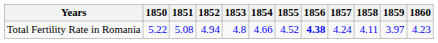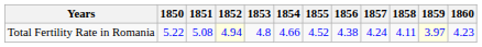 <table class="wikitable " style="text-align:right">
 <tr>
 <th>Years</th>
 <th>1850</th>
 <th>1851</th>
 <th>1852</th>
 <th>1853</th>
 <th>1854</th>
 <th>1855</th>
 <th>1856</th>
 <th>1857</th>
 <th>1858</th>
 <th>1859</th>
 <th>1860</th>
 </tr>
 <tr>
 <td align="left">Total Fertility Rate in Romania</td>
 <td style="text-align:right; color:blue;">5.22</td>
 <td style="text-align:right; color:blue;">5.08</td>
-<td style="text-align:right; color:blue;">4.94</td>
+<td style="background: lightyellow; text-align:right; color:blue;">4.94</td>
 <td style="text-align:right; color:blue;">4.8</td>
 <td style="text-align:right; color:blue;">4.66</td>
 <td style="text-align:right; color:blue;">4.52</td>
-<td style="text-align:right; color:blue;"><strong>4.38</strong></td>
+<td style="text-align:right; color:blue;">4.38</td>
 <td style="text-align:right; color:blue;">4.24</td>
 <td style="text-align:right; color:blue;">4.11</td>
-<td style="text-align:right; color:blue;">3.97</td>
+<td style="background: lightyellow; text-align:right; color:blue;">3.97</td>
 <td style="text-align:right; color:blue;">4.23</td>
 </tr>
 </table>
